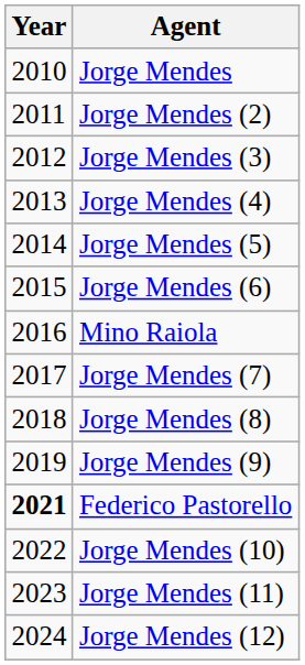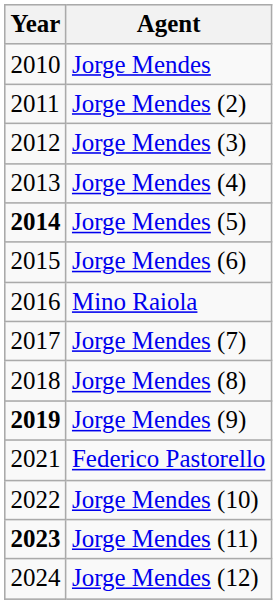 <table class="wikitable">
 <tr>
 <th>Year</th>
 <th>Agent</th>
 </tr>
 <tr>
 <td>2010</td>
 <td> <a href='#'>Jorge Mendes</a></td>
 </tr>
 <tr>
 <td>2011</td>
 <td> <a href='#'>Jorge Mendes</a> (2)</td>
 </tr>
 <tr>
 <td>2012</td>
 <td> <a href='#'>Jorge Mendes</a> (3)</td>
 </tr>
 <tr>
 <td>2013</td>
 <td> <a href='#'>Jorge Mendes</a> (4)</td>
 </tr>
 <tr>
-<td>2014</td>
+<td><strong>2014</strong></td>
 <td> <a href='#'>Jorge Mendes</a> (5)</td>
 </tr>
 <tr>
 <td>2015</td>
 <td> <a href='#'>Jorge Mendes</a> (6)</td>
 </tr>
 <tr>
 <td>2016</td>
 <td>  <a href='#'>Mino Raiola</a></td>
 </tr>
 <tr>
 <td>2017</td>
 <td> <a href='#'>Jorge Mendes</a> (7)</td>
 </tr>
 <tr>
 <td>2018</td>
 <td> <a href='#'>Jorge Mendes</a> (8)</td>
 </tr>
 <tr>
-<td>2019</td>
+<td><strong>2019</strong></td>
 <td> <a href='#'>Jorge Mendes</a> (9)</td>
 </tr>
 <tr>
-<td><strong>2021</strong></td>
+<td>2021</td>
 <td> <a href='#'>Federico Pastorello</a></td>
 </tr>
 <tr>
 <td>2022</td>
 <td> <a href='#'>Jorge Mendes</a> (10)</td>
 </tr>
 <tr>
-<td>2023</td>
+<td><strong>2023</strong></td>
 <td> <a href='#'>Jorge Mendes</a> (11)</td>
 </tr>
 <tr>
 <td>2024</td>
 <td> <a href='#'>Jorge Mendes</a> (12)</td>
 </tr>
 </table>
